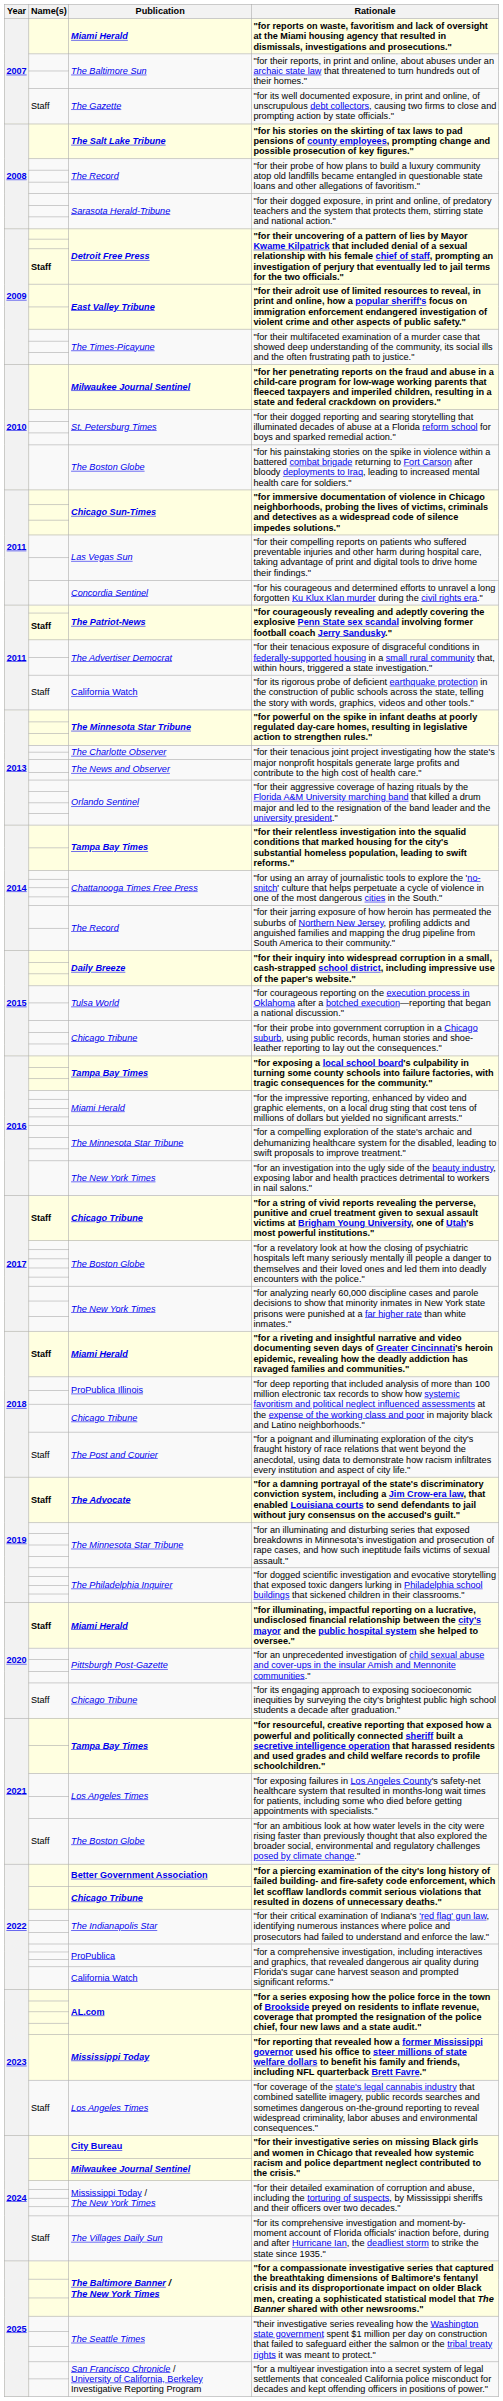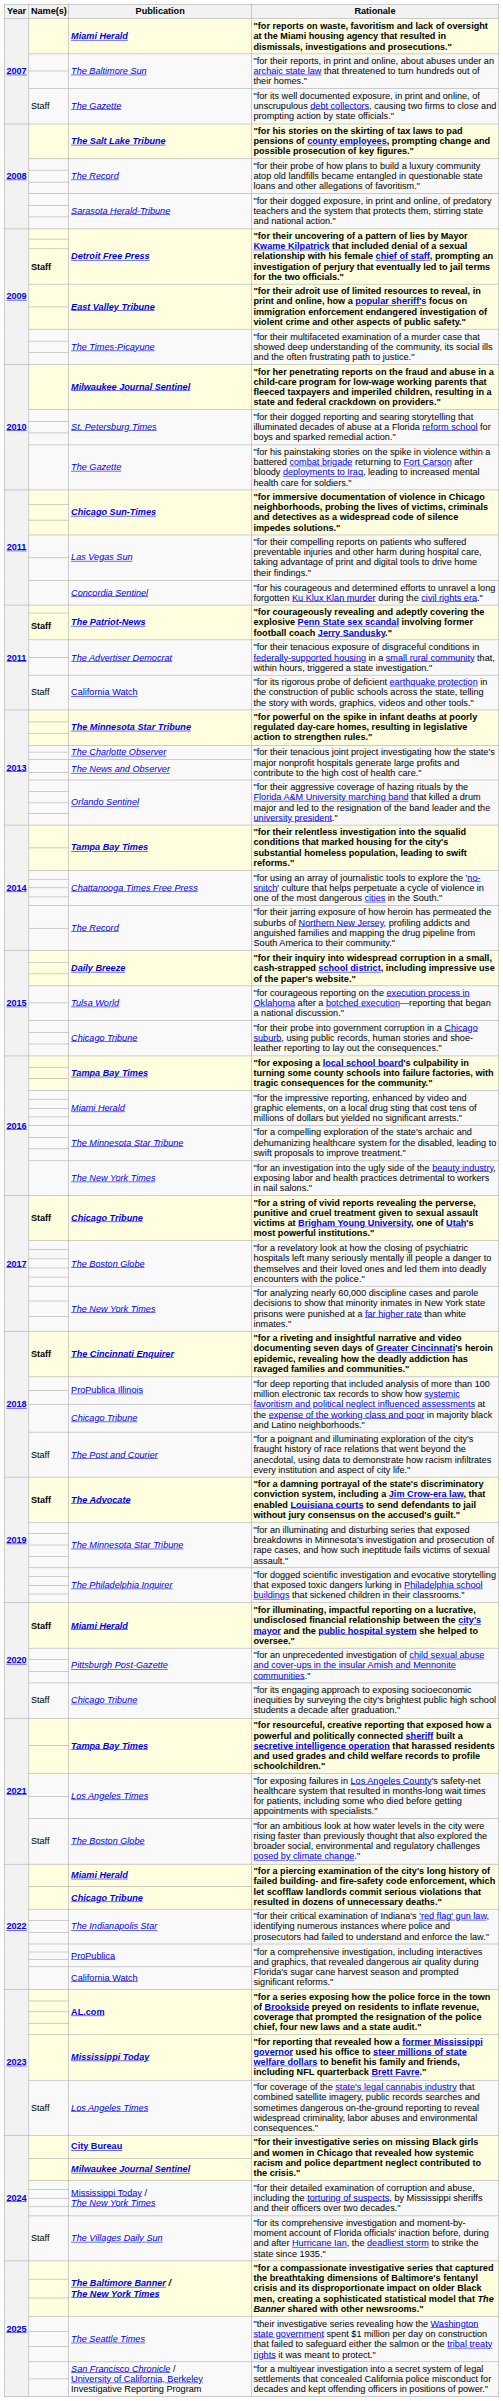 <table class="wikitable sortable">
 <tr style="vertical-align:bottom;">
 <th>Year</th>
 <th>Name(s)</th>
 <th>Publication</th>
 <th width=50%>Rationale</th>
 </tr>
 <tr style="background-color:lightyellow;">
 <th rowspan=4><strong><a href='#'>2007</a></strong></th>
 <td><strong></strong></td>
 <td><strong><em><a href='#'>Miami Herald</a></em></strong></td>
 <td><strong>"for reports on waste, favoritism and lack of oversight at the Miami housing agency that resulted in dismissals, investigations and prosecutions."</strong></td>
 </tr>
 <tr>
 <td></td>
 <td rowspan=2><em><a href='#'>The Baltimore Sun</a></em></td>
 <td rowspan=2>"for their reports, in print and online, about abuses under an <a href='#'>archaic state law</a> that threatened to turn hundreds out of their homes."</td>
 </tr>
 <tr>
 <td></td>
 </tr>
 <tr>
 <td>Staff</td>
 <td><em><a href='#'>The Gazette</a></em></td>
 <td>"for its well documented exposure, in print and online, of unscrupulous <a href='#'>debt collectors</a>, causing two firms to close and prompting action by state officials."</td>
 </tr>
 <tr style="background-color:lightyellow;">
 <th rowspan=7><strong><a href='#'>2008</a></strong></th>
 <td><strong></strong></td>
 <td><strong><em><a href='#'>The Salt Lake Tribune</a></em></strong></td>
 <td><strong>"for his stories on the skirting of tax laws to pad pensions of <a href='#'>county employees</a>, prompting change and possible prosecution of key figures."</strong></td>
 </tr>
 <tr>
 <td></td>
 <td rowspan=3><em><a href='#'>The Record</a></em></td>
 <td rowspan=3>"for their probe of how plans to build a luxury community atop old landfills became entangled in questionable state loans and other allegations of favoritism."</td>
 </tr>
 <tr>
 <td></td>
 </tr>
 <tr>
 <td></td>
 </tr>
 <tr>
 <td></td>
 <td rowspan=3><em><a href='#'>Sarasota Herald-Tribune</a></em></td>
 <td rowspan=3>"for their dogged exposure, in print and online, of predatory teachers and the system that protects them, stirring state and national action."</td>
 </tr>
 <tr>
 <td></td>
 </tr>
 <tr>
 <td></td>
 </tr>
 <tr style="background-color:lightyellow;">
 <th rowspan=8><strong><a href='#'>2009</a></strong></th>
 <td><strong></strong></td>
 <td rowspan=3><strong><em><a href='#'>Detroit Free Press</a></em></strong></td>
 <td rowspan=3><strong>"for their uncovering of a pattern of lies by Mayor <a href='#'>Kwame Kilpatrick</a> that included denial of a sexual relationship with his female <a href='#'>chief of staff</a>, prompting an investigation of perjury that eventually led to jail terms for the two officials."</strong></td>
 </tr>
 <tr style="background-color:lightyellow;">
 <td><strong></strong></td>
 </tr>
 <tr style="background-color:lightyellow;">
 <td><strong>Staff</strong></td>
 </tr>
 <tr style="background-color:lightyellow;">
 <td><strong></strong></td>
 <td rowspan=2><strong><em><a href='#'>East Valley Tribune</a></em></strong></td>
 <td rowspan=2><strong>"for their adroit use of limited resources to reveal, in print and online, how a <a href='#'>popular sheriff's</a> focus on immigration enforcement endangered investigation of violent crime and other aspects of public safety."</strong></td>
 </tr>
 <tr style="background-color:lightyellow;">
 <td><strong></strong></td>
 </tr>
 <tr>
 <td></td>
 <td rowspan=3><em><a href='#'>The Times-Picayune</a></em></td>
 <td rowspan=3>"for their multifaceted examination of a murder case that showed deep understanding of the community, its social ills and the often frustrating path to justice."</td>
 </tr>
 <tr>
 <td></td>
 </tr>
 <tr>
 <td></td>
 </tr>
 <tr style="background-color:lightyellow;">
 <th rowspan=5><strong><a href='#'>2010</a></strong></th>
 <td><strong></strong></td>
 <td><strong><em><a href='#'>Milwaukee Journal Sentinel</a></em></strong></td>
 <td><strong>"for her penetrating reports on the fraud and abuse in a child-care program for low-wage working parents that fleeced taxpayers and imperiled children, resulting in a state and federal crackdown on providers."</strong></td>
 </tr>
 <tr>
 <td></td>
 <td rowspan=3><em><a href='#'>St. Petersburg Times</a></em></td>
 <td rowspan=3>"for their dogged reporting and searing storytelling that illuminated decades of abuse at a Florida <a href='#'>reform school</a> for boys and sparked remedial action."</td>
 </tr>
 <tr>
 <td></td>
 </tr>
 <tr>
 <td></td>
 </tr>
 <tr>
 <td></td>
-<td><em><a href='#'>The Boston Globe</a></em></td>
+<td><em><a href='#'>The Gazette</a></em></td>
 <td>"for his painstaking stories on the spike in violence within a battered <a href='#'>combat brigade</a> returning to <a href='#'>Fort Carson</a> after bloody <a href='#'>deployments to Iraq</a>, leading to increased mental health care for soldiers."</td>
 </tr>
 <tr style="background-color:lightyellow;">
 <th rowspan=6><strong><a href='#'>2011</a></strong></th>
 <td><strong></strong></td>
 <td rowspan=3><strong><em><a href='#'>Chicago Sun-Times</a></em></strong></td>
 <td rowspan=3><strong>"for immersive documentation of violence in Chicago neighborhoods, probing the lives of victims, criminals and detectives as a widespread code of silence impedes solutions."</strong></td>
 </tr>
 <tr style="background-color:lightyellow;">
 <td><strong></strong></td>
 </tr>
 <tr style="background-color:lightyellow;">
 <td><strong></strong></td>
 </tr>
 <tr>
 <td></td>
 <td rowspan=2><em><a href='#'>Las Vegas Sun</a></em></td>
 <td rowspan=2>"for their compelling reports on patients who suffered preventable injuries and other harm during hospital care, taking advantage of print and digital tools to drive home their findings."</td>
 </tr>
 <tr>
 <td></td>
 </tr>
 <tr>
 <td></td>
 <td><em><a href='#'>Concordia Sentinel</a></em></td>
 <td>"for his courageous and determined efforts to unravel a long forgotten <a href='#'>Ku Klux Klan murder</a> during the <a href='#'>civil rights era</a>."</td>
 </tr>
 <tr style="background-color:lightyellow;">
 <th rowspan=5><strong><a href='#'>2011</a></strong></th>
 <td><strong></strong></td>
 <td rowspan=2><strong><em><a href='#'>The Patriot-News</a></em></strong></td>
 <td rowspan=2><strong>"for courageously revealing and adeptly covering the explosive <a href='#'>Penn State sex scandal</a> involving former football coach <a href='#'>Jerry Sandusky</a>."</strong></td>
 </tr>
 <tr style="background-color:lightyellow;">
 <td><strong>Staff</strong></td>
 </tr>
 <tr>
 <td></td>
 <td rowspan=2><em><a href='#'>The Advertiser Democrat</a></em></td>
 <td rowspan=2>"for their tenacious exposure of disgraceful conditions in <a href='#'>federally-supported housing</a> in a <a href='#'>small rural community</a> that, within hours, triggered a state investigation."</td>
 </tr>
 <tr>
 <td></td>
 </tr>
 <tr>
 <td>Staff</td>
 <td><a href='#'>California Watch</a></td>
 <td>"for its rigorous probe of deficient <a href='#'>earthquake protection</a> in the construction of public schools across the state, telling the story with words, graphics, videos and other tools."</td>
 </tr>
 <tr style="background-color:lightyellow;">
 <th rowspan=11><strong><a href='#'>2013</a></strong></th>
 <td><strong></strong></td>
 <td rowspan=3><strong><em><a href='#'>The Minnesota Star Tribune</a></em></strong></td>
 <td rowspan=3><strong>"for powerful  on the spike in infant deaths at poorly regulated day-care homes, resulting in legislative action to strengthen rules."</strong></td>
 </tr>
 <tr style="background-color:lightyellow;">
 <td><strong></strong></td>
 </tr>
 <tr style="background-color:lightyellow;">
 <td><strong></strong></td>
 </tr>
 <tr>
 <td></td>
 <td rowspan=2><em><a href='#'>The Charlotte Observer</a></em></td>
 <td rowspan=4>"for their tenacious joint project investigating how the state's major nonprofit hospitals generate large profits and contribute to the high cost of health care."</td>
 </tr>
 <tr>
 <td></td>
 </tr>
 <tr>
 <td></td>
 <td rowspan=2><em><a href='#'>The News and Observer</a></em></td>
 </tr>
 <tr>
 <td></td>
 </tr>
 <tr>
 <td></td>
 <td rowspan=4><em><a href='#'>Orlando Sentinel</a></em></td>
 <td rowspan=4>"for their aggressive coverage of hazing rituals by the <a href='#'>Florida A&M University marching band</a> that killed a drum major and led to the resignation of the band leader and the <a href='#'>university president</a>."</td>
 </tr>
 <tr>
 <td></td>
 </tr>
 <tr>
 <td></td>
 </tr>
 <tr>
 <td></td>
 </tr>
 <tr style="background-color:lightyellow;">
 <th rowspan=8><strong><a href='#'>2014</a></strong></th>
 <td><strong></strong></td>
 <td rowspan=2><strong><em><a href='#'>Tampa Bay Times</a></em></strong></td>
 <td rowspan=2><strong>"for their relentless investigation into the squalid conditions that marked housing for the city's substantial homeless population, leading to swift reforms."</strong></td>
 </tr>
 <tr style="background-color:lightyellow;">
 <td><strong></strong></td>
 </tr>
 <tr>
 <td></td>
 <td rowspan=4><em><a href='#'>Chattanooga Times Free Press</a></em></td>
 <td rowspan=4>"for using an array of journalistic tools to explore the '<a href='#'>no-snitch</a>' culture that helps perpetuate a cycle of violence in one of the most dangerous <a href='#'>cities</a> in the South."</td>
 </tr>
 <tr>
 <td></td>
 </tr>
 <tr>
 <td></td>
 </tr>
 <tr>
 <td></td>
 </tr>
 <tr>
 <td></td>
 <td rowspan=2><em><a href='#'>The Record</a></em></td>
 <td rowspan=2>"for their jarring exposure of how heroin has permeated the suburbs of <a href='#'>Northern New Jersey</a>, profiling addicts and anguished families and mapping the drug pipeline from South America to their community."</td>
 </tr>
 <tr>
 <td></td>
 </tr>
 <tr style="background-color:lightyellow;">
 <th rowspan=8><strong><a href='#'>2015</a></strong></th>
 <td><strong></strong></td>
 <td rowspan=3><strong><em><a href='#'>Daily Breeze</a></em></strong></td>
 <td rowspan=3><strong>"for their inquiry into widespread corruption in a small, cash-strapped <a href='#'>school district</a>, including impressive use of the paper's website."</strong></td>
 </tr>
 <tr style="background-color:lightyellow;">
 <td><strong></strong></td>
 </tr>
 <tr style="background-color:lightyellow;">
 <td><strong></strong></td>
 </tr>
 <tr>
 <td></td>
 <td rowspan=2><em><a href='#'>Tulsa World</a></em></td>
 <td rowspan=2>"for courageous reporting on the <a href='#'>execution process in Oklahoma</a> after a <a href='#'>botched execution</a>—reporting that began a national discussion."</td>
 </tr>
 <tr>
 <td></td>
 </tr>
 <tr>
 <td></td>
 <td rowspan=3><em><a href='#'>Chicago Tribune</a></em></td>
 <td rowspan=3>"for their probe into government corruption in a <a href='#'>Chicago suburb</a>, using public records, human stories and shoe-leather reporting to lay out the consequences."</td>
 </tr>
 <tr>
 <td></td>
 </tr>
 <tr>
 <td></td>
 </tr>
 <tr style="background-color:lightyellow;">
 <th rowspan=11><strong><a href='#'>2016</a></strong></th>
 <td><strong></strong></td>
 <td rowspan=3><strong><em><a href='#'>Tampa Bay Times</a></em></strong></td>
 <td rowspan=3><strong>"for exposing a <a href='#'>local school board</a>'s culpability in turning some county schools into failure factories, with tragic consequences for the community."</strong></td>
 </tr>
 <tr style="background-color:lightyellow;">
 <td><strong></strong></td>
 </tr>
 <tr style="background-color:lightyellow;">
 <td><strong></strong></td>
 </tr>
 <tr>
 <td></td>
 <td rowspan=4><em><a href='#'>Miami Herald</a></em></td>
 <td rowspan=4>"for the impressive reporting, enhanced by video and graphic elements, on a local drug sting that cost tens of millions of dollars but yielded no significant arrests."</td>
 </tr>
 <tr>
 <td></td>
 </tr>
 <tr>
 <td></td>
 </tr>
 <tr>
 <td></td>
 </tr>
 <tr>
 <td></td>
 <td rowspan=3><em><a href='#'>The Minnesota Star Tribune</a></em></td>
 <td rowspan=3>"for a compelling exploration of the state's archaic and dehumanizing healthcare system for the disabled, leading to swift proposals to improve treatment."</td>
 </tr>
 <tr>
 <td></td>
 </tr>
 <tr>
 <td></td>
 </tr>
 <tr>
 <td></td>
 <td><em><a href='#'>The New York Times</a></em></td>
 <td>"for an investigation into the ugly side of the <a href='#'>beauty industry</a>, exposing labor and health practices detrimental to workers in nail salons."</td>
 </tr>
 <tr style="background-color:lightyellow;">
 <th rowspan=9><strong><a href='#'>2017</a></strong></th>
 <td><strong>Staff</strong></td>
 <td><strong><em><a href='#'>Chicago Tribune</a></em></strong></td>
 <td><strong>"for a string of vivid reports revealing the perverse, punitive and cruel treatment given to sexual assault victims at <a href='#'>Brigham Young University</a>, one of <a href='#'>Utah</a>'s most powerful institutions."</strong></td>
 </tr>
 <tr>
 <td></td>
 <td rowspan=5><em><a href='#'>The Boston Globe</a></em></td>
 <td rowspan=5>"for a revelatory look at how the closing of psychiatric hospitals left many seriously mentally ill people a danger to themselves and their loved ones and led them into deadly encounters with the police."</td>
 </tr>
 <tr>
 <td></td>
 </tr>
 <tr>
 <td></td>
 </tr>
 <tr>
 <td></td>
 </tr>
 <tr>
 <td></td>
 </tr>
 <tr>
 <td></td>
 <td rowspan=3><em><a href='#'>The New York Times</a></em></td>
 <td rowspan=3>"for analyzing nearly 60,000 discipline cases and parole decisions to show that minority inmates in New York state prisons were punished at a <a href='#'>far higher rate</a> than white inmates."</td>
 </tr>
 <tr>
 <td></td>
 </tr>
 <tr>
 <td></td>
 </tr>
 <tr style="background-color:lightyellow;">
 <th rowspan=5><strong><a href='#'>2018</a></strong></th>
 <td><strong>Staff</strong></td>
-<td><strong><em><a href='#'>Miami Herald</a></em></strong></td>
+<td><strong><em><a href='#'>The Cincinnati Enquirer</a></em></strong></td>
 <td><strong>"for a riveting and insightful narrative and video documenting seven days of <a href='#'>Greater Cincinnati</a>'s heroin epidemic, revealing how the deadly addiction has ravaged families and communities."</strong></td>
 </tr>
 <tr>
 <td></td>
 <td rowspan=2><a href='#'>ProPublica Illinois</a></td>
 <td rowspan=3>"for deep reporting that included analysis of more than 100 million electronic tax records to show how <a href='#'>systemic favoritism and political neglect influenced assessments</a> at the <a href='#'>expense of the working class and poor</a> in majority black and Latino neighborhoods."</td>
 </tr>
 <tr>
 <td></td>
 </tr>
 <tr>
 <td></td>
 <td><em><a href='#'>Chicago Tribune</a></em></td>
 </tr>
 <tr>
 <td>Staff</td>
 <td><em><a href='#'>The Post and Courier</a></em></td>
 <td>"for a poignant and illuminating exploration of the city's fraught history of race relations that went beyond the anecdotal, using data to demonstrate how racism infiltrates every institution and aspect of city life."</td>
 </tr>
 <tr style="background-color:lightyellow;">
 <th rowspan=9><strong><a href='#'>2019</a></strong></th>
 <td><strong>Staff</strong></td>
 <td><strong><em><a href='#'>The Advocate</a></em></strong></td>
 <td><strong>"for a damning portrayal of the state's discriminatory conviction system, including a <a href='#'>Jim Crow-era law</a>, that enabled <a href='#'>Louisiana courts</a> to send defendants to jail without jury consensus on the accused's guilt."</strong></td>
 </tr>
 <tr>
 <td></td>
 <td rowspan=4><em><a href='#'>The Minnesota Star Tribune</a></em></td>
 <td rowspan=4>"for an illuminating and disturbing series that exposed breakdowns in Minnesota's investigation and prosecution of rape cases, and how such ineptitude fails victims of sexual assault."</td>
 </tr>
 <tr>
 <td></td>
 </tr>
 <tr>
 <td></td>
 </tr>
 <tr>
 <td></td>
 </tr>
 <tr>
 <td></td>
 <td rowspan=4><em><a href='#'>The Philadelphia Inquirer</a></em></td>
 <td rowspan=4>"for dogged scientific investigation and evocative storytelling that exposed toxic dangers lurking in <a href='#'>Philadelphia school buildings</a> that sickened children in their classrooms."</td>
 </tr>
 <tr>
 <td></td>
 </tr>
 <tr>
 <td></td>
 </tr>
 <tr>
 <td></td>
 </tr>
 <tr style="background-color:lightyellow;">
 <th rowspan=5><strong><a href='#'>2020</a></strong></th>
 <td><strong>Staff</strong></td>
 <td><strong><em><a href='#'>Miami Herald</a></em></strong></td>
 <td><strong>"for illuminating, impactful reporting on a lucrative, undisclosed financial relationship between the <a href='#'>city's mayor</a> and the <a href='#'>public hospital system</a> she helped to oversee."</strong></td>
 </tr>
 <tr>
 <td></td>
 <td rowspan=3><em><a href='#'>Pittsburgh Post-Gazette</a></em></td>
 <td rowspan=3>"for an unprecedented investigation of <a href='#'>child sexual abuse and cover-ups in the insular Amish and Mennonite communities</a>."</td>
 </tr>
 <tr>
 <td></td>
 </tr>
 <tr>
 <td></td>
 </tr>
 <tr>
 <td>Staff</td>
 <td><em><a href='#'>Chicago Tribune</a></em></td>
 <td>"for its engaging approach to exposing socioeconomic inequities by surveying the city's brightest public high school students a decade after graduation."</td>
 </tr>
 <tr style="background-color:lightyellow;">
 <th rowspan=5><strong><a href='#'>2021</a></strong></th>
 <td><strong></strong></td>
 <td rowspan=2><strong><em><a href='#'>Tampa Bay Times</a></em></strong></td>
 <td rowspan=2><strong>"for resourceful, creative reporting that exposed how a powerful and politically connected <a href='#'>sheriff</a> built a <a href='#'>secretive intelligence operation</a> that harassed residents and used grades and child welfare records to profile schoolchildren."</strong></td>
 </tr>
 <tr style="background-color:lightyellow;">
 <td><strong></strong></td>
 </tr>
 <tr>
 <td></td>
 <td rowspan=2><em><a href='#'>Los Angeles Times</a></em></td>
 <td rowspan=2>"for exposing failures in <a href='#'>Los Angeles County</a>'s safety-net healthcare system that resulted in months-long wait times for patients, including some who died before getting appointments with specialists."</td>
 </tr>
 <tr>
 <td></td>
 </tr>
 <tr>
 <td>Staff</td>
 <td><em><a href='#'>The Boston Globe</a></em></td>
 <td>"for an ambitious look at how water levels in the city were rising faster than previously thought that also explored the broader social, environmental and regulatory challenges <a href='#'>posed by climate change</a>."</td>
 </tr>
 <tr style="background-color:lightyellow;">
 <th rowspan=9><strong><a href='#'>2022</a></strong></th>
 <td><strong></strong></td>
-<td><strong><a href='#'>Better Government Association</a></strong></td>
+<td><strong><em><a href='#'>Miami Herald</a></em></strong></td>
 <td rowspan=2><strong>"for a piercing examination of the city's long history of failed building- and fire-safety code enforcement, which let scofflaw landlords commit serious violations that resulted in dozens of unnecessary deaths."</strong></td>
 </tr>
 <tr style="background-color:lightyellow;">
 <td><strong></strong></td>
 <td><strong><em><a href='#'>Chicago Tribune</a></em></strong></td>
 </tr>
 <tr>
 <td></td>
 <td rowspan=3><em><a href='#'>The Indianapolis Star</a></em></td>
 <td rowspan=3>"for their critical examination of Indiana's <a href='#'>'red flag' gun law</a>, identifying numerous instances where police and prosecutors had failed to understand and enforce the law."</td>
 </tr>
 <tr>
 <td></td>
 </tr>
 <tr>
 <td></td>
 </tr>
 <tr>
 <td></td>
 <td rowspan=3><a href='#'>ProPublica</a></td>
 <td rowspan=4>"for a comprehensive investigation, including interactives and graphics, that revealed dangerous air quality during Florida's sugar cane harvest season and prompted significant reforms."</td>
 </tr>
 <tr>
 <td></td>
 </tr>
 <tr>
 <td></td>
 </tr>
 <tr>
 <td></td>
 <td><a href='#'>California Watch</a></td>
 </tr>
 <tr style="background-color:lightyellow;">
 <th rowspan=6><strong><a href='#'>2023</a></strong></th>
 <td><strong></strong></td>
 <td rowspan=4><strong><a href='#'>AL.com</a></strong></td>
 <td rowspan=4><strong>"for a series exposing how the police force in the town of <a href='#'>Brookside</a> preyed on residents to inflate revenue, coverage that prompted the resignation of the police chief, four new laws and a state audit."</strong></td>
 </tr>
 <tr style="background-color:lightyellow;">
 <td><strong></strong></td>
 </tr>
 <tr style="background-color:lightyellow;">
 <td><strong></strong></td>
 </tr>
 <tr style="background-color:lightyellow;">
 <td><strong></strong></td>
 </tr>
 <tr style="background-color:lightyellow;">
 <td><strong></strong></td>
 <td><strong><em><a href='#'>Mississippi Today</a></em></strong></td>
 <td><strong>"for reporting that revealed how a <a href='#'>former Mississippi governor</a> used his office to <a href='#'>steer millions of state welfare dollars</a> to benefit his family and friends, including NFL quarterback <a href='#'>Brett Favre</a>."</strong></td>
 </tr>
 <tr>
 <td>Staff</td>
 <td><em><a href='#'>Los Angeles Times</a></em></td>
 <td>"for coverage of the <a href='#'>state's legal cannabis industry</a> that combined satellite imagery, public records searches and sometimes dangerous on-the-ground reporting to reveal widespread criminality, labor abuses and environmental consequences."</td>
 </tr>
 <tr style="background-color:lightyellow;">
 <th rowspan=7><strong><a href='#'>2024</a></strong></th>
 <td><strong></strong></td>
 <td><strong><a href='#'>City Bureau</a></strong></td>
 <td rowspan=2><strong>"for their investigative series on missing Black girls and women in Chicago that revealed how systemic racism and police department neglect contributed to the crisis."</strong></td>
 </tr>
 <tr style="background-color:lightyellow;">
 <td><strong></strong></td>
 <td><strong><em><a href='#'>Milwaukee Journal Sentinel</a></em></strong></td>
 </tr>
 <tr>
 <td></td>
 <td rowspan=4><a href='#'>Mississippi Today</a> /<br><em><a href='#'>The New York Times</a></em></td>
 <td rowspan=4>"for their detailed examination of corruption and abuse, including the <a href='#'>torturing of suspects</a>, by Mississippi sheriffs and their officers over two decades."</td>
 </tr>
 <tr>
 <td></td>
 </tr>
 <tr>
 <td></td>
 </tr>
 <tr>
 <td></td>
 </tr>
 <tr>
 <td>Staff</td>
 <td><em><a href='#'>The Villages Daily Sun</a></em></td>
 <td>"for its comprehensive investigation and moment-by-moment account of Florida officials' inaction before, during and after <a href='#'>Hurricane Ian</a>, the <a href='#'>deadliest storm</a> to strike the state since 1935."</td>
 </tr>
 <tr style="background-color:lightyellow;">
 <th rowspan=8><strong><a href='#'>2025</a></strong></th>
 <td><strong></strong></td>
 <td rowspan=3><strong><em><a href='#'>The Baltimore Banner</a><em> /<br></em><a href='#'>The New York Times</a></em></strong></td>
 <td rowspan=3><strong>"for a compassionate investigative series that captured the breathtaking dimensions of Baltimore's fentanyl crisis and its disproportionate impact on older Black men, creating a sophisticated statistical model that <em>The Banner</em> shared with other newsrooms."</strong></td>
 </tr>
 <tr style="background-color:lightyellow;">
 <td><strong></strong></td>
 </tr>
 <tr style="background-color:lightyellow;">
 <td><strong></strong></td>
 </tr>
 <tr>
 <td></td>
 <td rowspan=3><em><a href='#'>The Seattle Times</a></em></td>
 <td rowspan=3>"their investigative series revealing how the <a href='#'>Washington state government</a> spent $1 million per day on construction that failed to safeguard either the salmon or the <a href='#'>tribal treaty rights</a> it was meant to protect."</td>
 </tr>
 <tr>
 <td></td>
 </tr>
 <tr>
 <td></td>
 </tr>
 <tr>
 <td></td>
 <td rowspan=2><em><a href='#'>San Francisco Chronicle</a></em> /<br><a href='#'>University of California, Berkeley</a> Investigative Reporting Program</td>
 <td rowspan=2>"for a multiyear investigation into a secret system of legal settlements that concealed California police misconduct for decades and kept offending officers in positions of power."</td>
 </tr>
 <tr>
 <td></td>
 </tr>
 </table>
